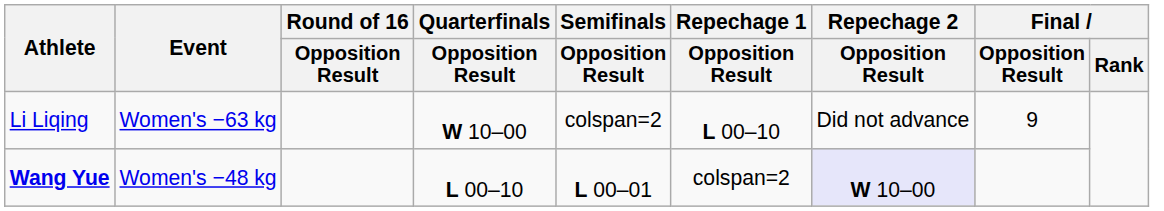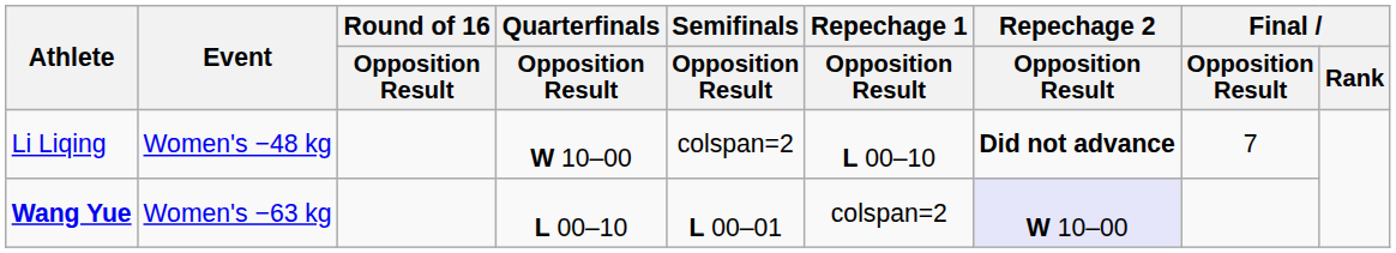 <table class="wikitable" style="font-size:90%">
 <tr>
 <th rowspan="2">Athlete</th>
 <th rowspan="2">Event</th>
 <th>Round of 16</th>
 <th>Quarterfinals</th>
 <th>Semifinals</th>
 <th>Repechage 1</th>
 <th>Repechage 2</th>
 <th colspan=2>Final / </th>
 </tr>
 <tr style="font-size:95%">
 <th>Opposition<br>Result</th>
 <th>Opposition<br>Result</th>
 <th>Opposition<br>Result</th>
 <th>Opposition<br>Result</th>
 <th>Opposition<br>Result</th>
 <th>Opposition<br>Result</th>
 <th>Rank</th>
 </tr>
 <tr align=center>
 <td align=left><a href='#'>Li Liqing</a></td>
-<td align=left><a href='#'>Women's −63 kg</a></td>
+<td align=left><a href='#'>Women's −48 kg</a></td>
 <td></td>
 <td><br><strong>W</strong> 10–00</td>
 <td>colspan=2</td>
 <td><br><strong>L</strong> 00–10</td>
-<td>Did not advance</td>
-<td>9</td>
+<td><strong>Did not advance</strong></td>
+<td>7</td>
 </tr>
 <tr align=center>
 <td align=left><strong><a href='#'>Wang Yue</a></strong></td>
-<td align=left><a href='#'>Women's −48 kg</a></td>
+<td align=left><a href='#'>Women's −63 kg</a></td>
 <td></td>
 <td><br><strong>L</strong> 00–10</td>
 <td><br><strong>L</strong> 00–01</td>
 <td>colspan=2 </td>
 <td style="background: lavender;"><br><strong>W</strong> 10–00</td>
 <td></td>
 </tr>
 </table>
